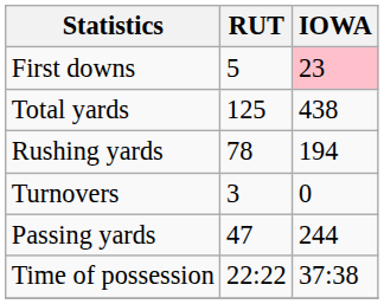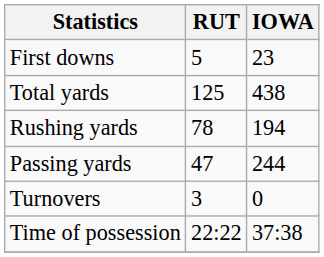 <table class="wikitable">
 <tr>
 <th>Statistics</th>
 <th>RUT</th>
 <th>IOWA</th>
 </tr>
 <tr>
 <td>First downs</td>
 <td>5</td>
-<td style="background: pink;">23</td>
+<td>23</td>
 </tr>
 <tr>
 <td>Total yards</td>
 <td>125</td>
 <td>438</td>
 </tr>
 <tr>
 <td>Rushing yards</td>
 <td>78</td>
 <td>194</td>
 </tr>
 <tr>
+<td>Passing yards</td>
+<td>47</td>
+<td>244</td>
+</tr>
+<tr>
 <td>Turnovers</td>
 <td>3</td>
 <td>0</td>
-</tr>
-<tr>
-<td>Passing yards</td>
-<td>47</td>
-<td>244</td>
 </tr>
 <tr>
 <td>Time of possession</td>
 <td>22:22</td>
 <td>37:38</td>
 </tr>
 <tr>
 </tr>
 </table>
